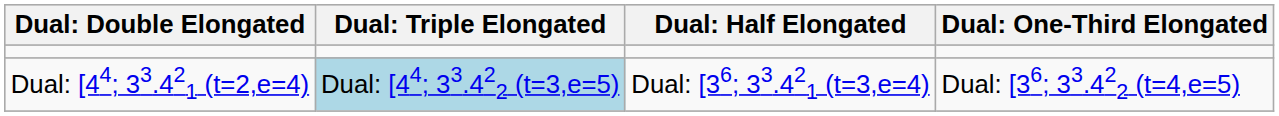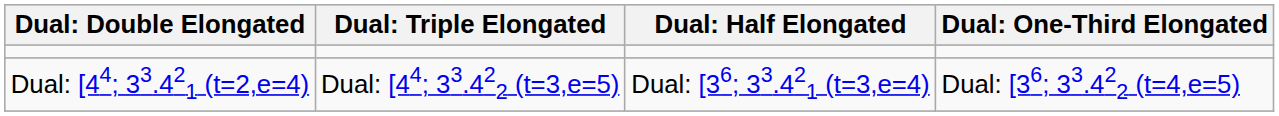 <table class=wikitable>
 <tr>
 <th>Dual: Double Elongated</th>
 <th>Dual: Triple Elongated</th>
 <th>Dual: Half Elongated</th>
 <th>Dual: One-Third Elongated</th>
 </tr>
 <tr>
 <td></td>
 <td></td>
 <td></td>
 <td></td>
 </tr>
 <tr>
 <td>Dual: <a href='#'>[4<sup>4</sup>; 3<sup>3</sup>.4<sup>2</sup><sub>1</sub> (t=2,e=4)</a></td>
-<td style="background: lightblue;">Dual: <a href='#'>[4<sup>4</sup>; 3<sup>3</sup>.4<sup>2</sup><sub>2</sub> (t=3,e=5)</a></td>
+<td>Dual: <a href='#'>[4<sup>4</sup>; 3<sup>3</sup>.4<sup>2</sup><sub>2</sub> (t=3,e=5)</a></td>
 <td>Dual: <a href='#'>[3<sup>6</sup>; 3<sup>3</sup>.4<sup>2</sup><sub>1</sub> (t=3,e=4)</a></td>
 <td>Dual: <a href='#'>[3<sup>6</sup>; 3<sup>3</sup>.4<sup>2</sup><sub>2</sub> (t=4,e=5)</a></td>
 </tr>
 </table>
